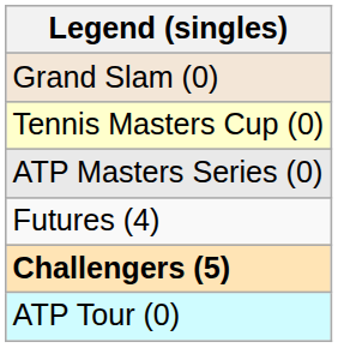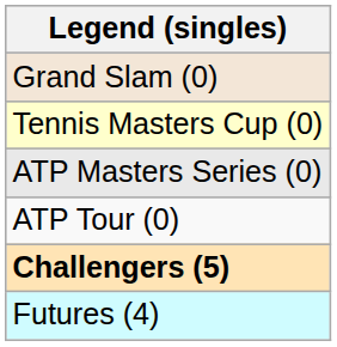 <table class="wikitable">
 <tr>
 <th>Legend (singles)</th>
 </tr>
 <tr style="background:#f3e6d7;">
 <td>Grand Slam (0)</td>
 </tr>
 <tr style="background:#ffffcc;">
 <td>Tennis Masters Cup (0)</td>
 </tr>
 <tr style="background:#e9e9e9;">
 <td>ATP Masters Series (0)</td>
 </tr>
 <tr>
-<td>Futures (4)</td>
+<td>ATP Tour (0)</td>
 </tr>
 <tr bgcolor="moccasin">
 <td><strong>Challengers (5)</strong></td>
 </tr>
 <tr bgcolor="CFFCFF">
-<td>ATP Tour (0)</td>
+<td>Futures (4)</td>
 </tr>
 </table>
